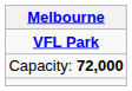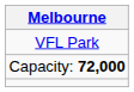 <table class="wikitable" style="text-align:center">
 <tr>
 <th><a href='#'>Melbourne</a></th>
 </tr>
 <tr>
-<td><strong><a href='#'>VFL Park</a></strong></td>
+<td><a href='#'>VFL Park</a></td>
 </tr>
 <tr>
 <td>Capacity: <strong>72,000</strong></td>
 </tr>
 <tr>
 <td></td>
 </tr>
 </table>
